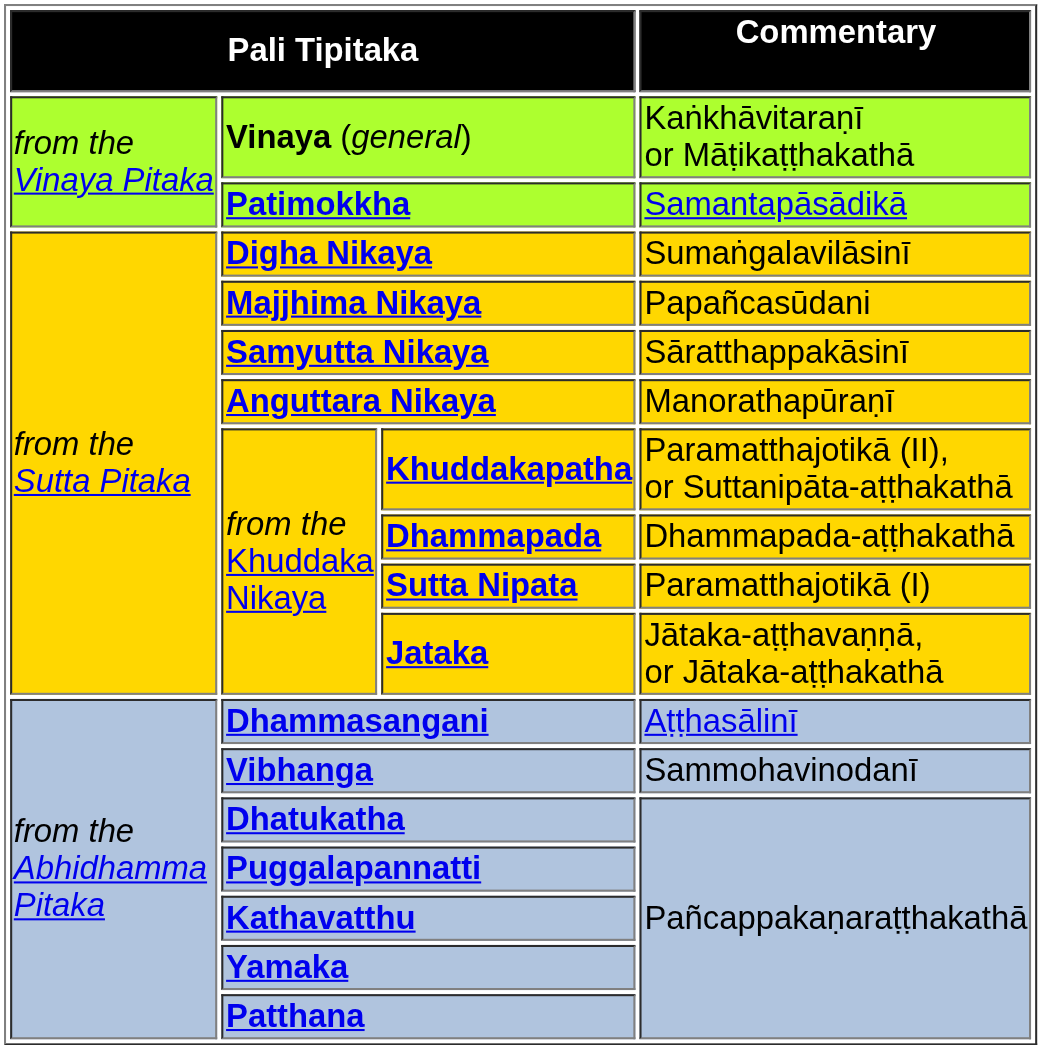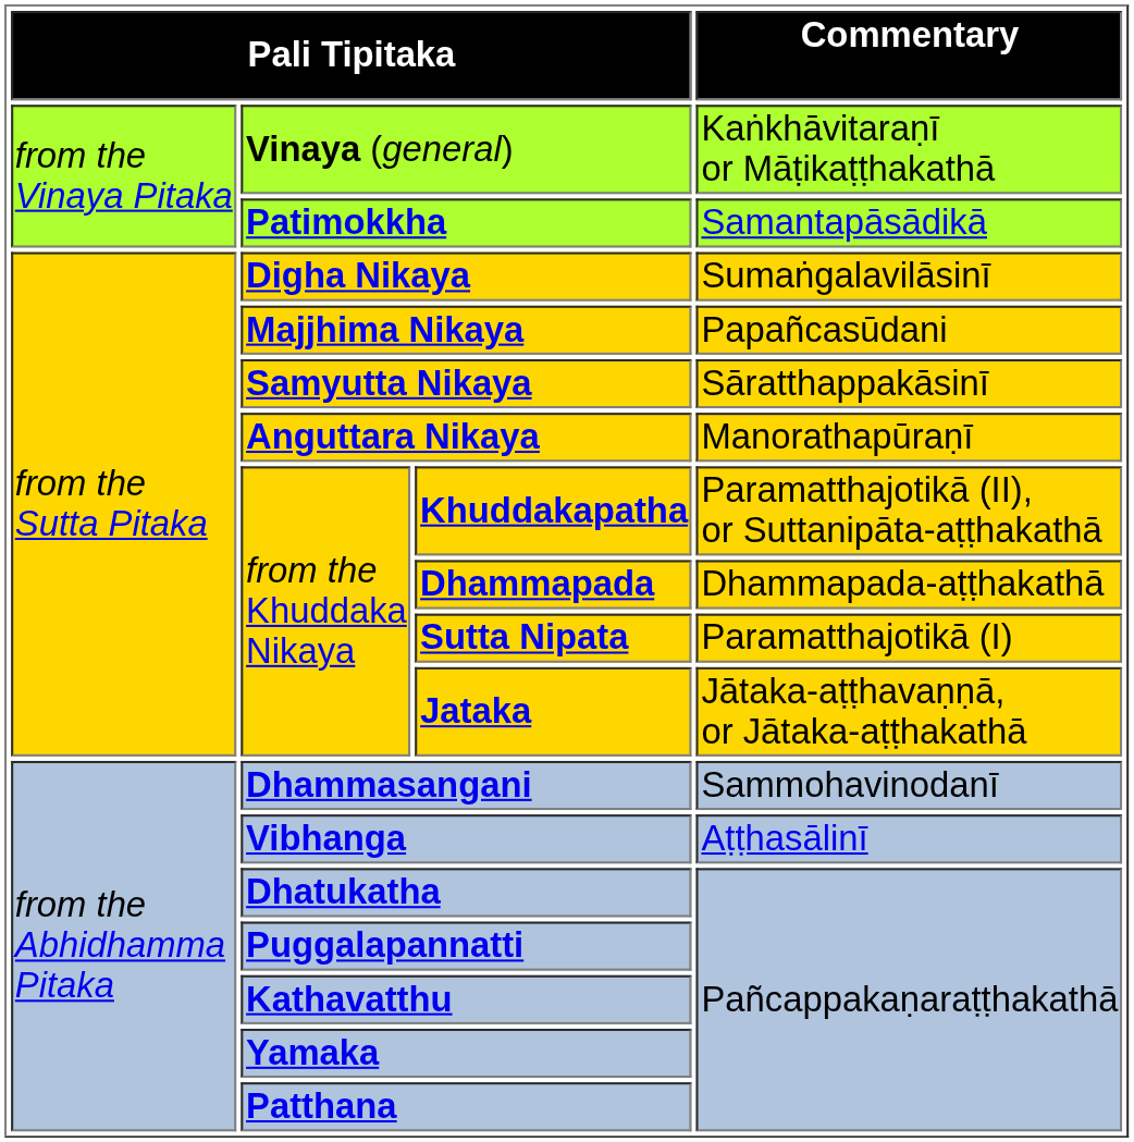 <table border="1" style="margin:1em auto;">
 <tr ---- style="background:black;">
 <th style="color:white; text-align:center" colspan="3">Pali Tipitaka</th>
 <th style="color:white; text-align:center">Commentary<br><br></th>
 </tr>
 <tr ---- style="background:#ADFF2F; color:black">
 <td rowspan="2"><em>from the<br><a href='#'>Vinaya Pitaka</a></em></td>
 <td colspan="2"><strong>Vinaya</strong> (<em>general</em>)</td>
 <td>Kaṅkhāvitaraṇī<br>or Māṭikaṭṭhakathā<br></td>
 </tr>
 <tr ---- style="background:#ADFF2F; color:black">
 <td colspan="2"><strong><a href='#'>Patimokkha</a></strong></td>
 <td><a href='#'>Samantapāsādikā</a></td>
 </tr>
 <tr ---- style="background:#FFD700;color:black">
 <td rowspan="8"><em>from the<br><a href='#'>Sutta Pitaka</a></em></td>
 <td colspan="2"><strong><a href='#'>Digha Nikaya</a></strong></td>
 <td>Sumaṅgalavilāsinī</td>
 </tr>
 <tr ---- style="background:#FFD700;color:black">
 <td colspan="2"><strong><a href='#'>Majjhima Nikaya</a></strong></td>
 <td>Papañcasūdani</td>
 </tr>
 <tr ---- style="background:#FFD700;color:black">
 <td colspan="2"><strong><a href='#'>Samyutta Nikaya</a></strong></td>
 <td>Sāratthappakāsinī</td>
 </tr>
 <tr ---- style="background:#FFD700;color:black">
 <td colspan="2"><strong><a href='#'>Anguttara Nikaya</a></strong></td>
 <td>Manorathapūraṇī</td>
 </tr>
 <tr ---- style="background:#FFD700;color:black">
 <td rowspan="4"><em>from the</em><br><a href='#'>Khuddaka<br>Nikaya</a></td>
 <td><strong><a href='#'>Khuddakapatha</a></strong></td>
 <td>Paramatthajotikā (II),<br>or Suttanipāta-aṭṭhakathā</td>
 </tr>
 <tr ---- style="background:#FFD700;color:black">
 <td><strong><a href='#'>Dhammapada</a></strong></td>
 <td>Dhammapada-aṭṭhakathā</td>
 </tr>
 <tr ---- style="background:#FFD700;color:black">
 <td><strong><a href='#'>Sutta Nipata</a></strong></td>
 <td>Paramatthajotikā (I)</td>
 </tr>
 <tr ---- style="background:#FFD700;color:black">
 <td><strong><a href='#'>Jataka</a></strong></td>
 <td>Jātaka-aṭṭhavaṇṇā,<br>or Jātaka-aṭṭhakathā<br></td>
 </tr>
 <tr ---- style="background:#B0C4DE; color:black">
 <td rowspan="7"><em>from the<br><a href='#'>Abhidhamma <br>Pitaka</a></em></td>
 <td colspan="2"><strong><a href='#'>Dhammasangani</a></strong></td>
-<td><a href='#'>Aṭṭhasālinī</a></td>
+<td>Sammohavinodanī</td>
 </tr>
 <tr ---- style="background:#B0C4DE; color:black">
 <td colspan="2"><strong><a href='#'>Vibhanga</a></strong></td>
-<td>Sammohavinodanī</td>
+<td><a href='#'>Aṭṭhasālinī</a></td>
 </tr>
 <tr ---- style="background:#B0C4DE; color:black">
 <td colspan="2"><strong><a href='#'>Dhatukatha</a></strong></td>
 <td rowspan="5">Pañcappakaṇaraṭṭhakathā</td>
 </tr>
 <tr ---- style="background:#B0C4DE; color:black">
 <td colspan="2"><strong><a href='#'>Puggalapannatti</a></strong></td>
 </tr>
 <tr ---- style="background:#B0C4DE; color:black">
 <td colspan="2"><strong><a href='#'>Kathavatthu</a></strong></td>
 </tr>
 <tr ---- style="background:#B0C4DE; color:black">
 <td colspan="2"><strong><a href='#'>Yamaka</a></strong></td>
 </tr>
 <tr ---- style="background:#B0C4DE; color:black">
 <td colspan="2"><strong><a href='#'>Patthana</a></strong></td>
 </tr>
 </table>
